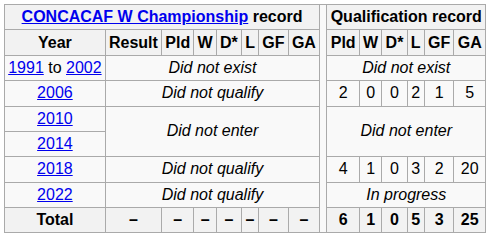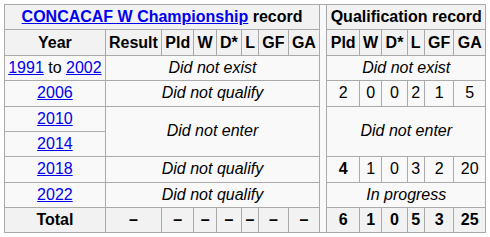 <table class="wikitable" style="text-align: center;">
 <tr>
 <th colspan=8><a href='#'>CONCACAF W Championship</a> record</th>
 <td rowspan=10></td>
 <th colspan=6>Qualification record</th>
 </tr>
 <tr>
 <th>Year</th>
 <th>Result</th>
 <th>Pld</th>
 <th>W</th>
 <th>D*</th>
 <th>L</th>
 <th>GF</th>
 <th>GA</th>
 <th>Pld</th>
 <th>W</th>
 <th>D*</th>
 <th>L</th>
 <th>GF</th>
 <th>GA</th>
 </tr>
 <tr>
 <td> <a href='#'>1991</a> to  <a href='#'>2002</a></td>
 <td colspan=7><em>Did not exist</em></td>
 <td colspan=6><em>Did not exist</em></td>
 </tr>
 <tr>
 <td> <a href='#'>2006</a></td>
 <td colspan=7><em>Did not qualify</em></td>
 <td>2</td>
 <td>0</td>
 <td>0</td>
 <td>2</td>
 <td>1</td>
 <td>5</td>
 </tr>
 <tr>
 <td> <a href='#'>2010</a></td>
 <td colspan=7 rowspan=2><em>Did not enter</em></td>
 <td colspan=6 rowspan=2><em>Did not enter</em></td>
 </tr>
 <tr>
 <td> <a href='#'>2014</a></td>
 </tr>
 <tr>
 <td> <a href='#'>2018</a></td>
 <td colspan=7><em>Did not qualify</em></td>
-<td>4</td>
+<td><strong>4</strong></td>
 <td>1</td>
 <td>0</td>
 <td>3</td>
 <td>2</td>
 <td>20</td>
 </tr>
 <tr>
 <td> <a href='#'>2022</a></td>
 <td colspan=7><em>Did not qualify</em></td>
 <td colspan=6><em>In progress</em></td>
 </tr>
 <tr>
 <th>Total</th>
 <th>–</th>
 <th>–</th>
 <th>–</th>
 <th>–</th>
 <th>–</th>
 <th>–</th>
 <th>–</th>
 <th>6</th>
 <th>1</th>
 <th>0</th>
 <th>5</th>
 <th>3</th>
 <th>25</th>
 </tr>
 </table>
